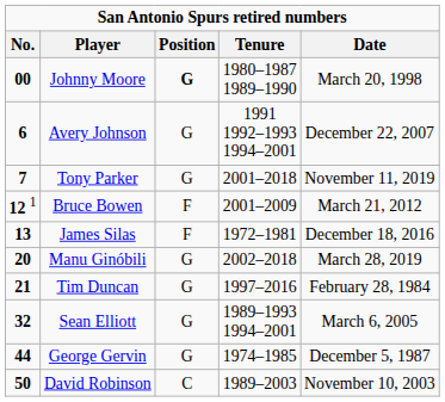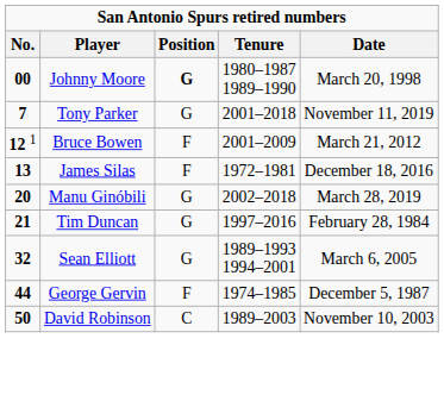 <table class="wikitable sortable" style="text-align:center">
 <tr>
 <td colspan="5"><strong>San Antonio Spurs retired numbers</strong></td>
 </tr>
 <tr>
 <th>No.</th>
 <th>Player</th>
 <th>Position</th>
 <th>Tenure</th>
 <th>Date</th>
 </tr>
 <tr>
 <td><strong>00</strong></td>
 <td><a href='#'>Johnny Moore</a></td>
 <td><strong>G</strong></td>
 <td>1980–1987<br>1989–1990</td>
 <td>March 20, 1998</td>
-</tr>
-<tr>
-<td><strong>6</strong></td>
-<td><a href='#'>Avery Johnson</a></td>
-<td>G</td>
-<td>1991<br>1992–1993<br>1994–2001</td>
-<td>December 22, 2007</td>
 </tr>
 <tr>
 <td><strong>7</strong></td>
 <td><a href='#'>Tony Parker</a></td>
 <td>G</td>
 <td>2001–2018</td>
 <td>November 11, 2019</td>
 </tr>
 <tr>
 <td><strong>12</strong> <sup>1</sup></td>
 <td><a href='#'>Bruce Bowen</a></td>
 <td>F</td>
 <td>2001–2009</td>
 <td>March 21, 2012</td>
 </tr>
 <tr>
 <td><strong>13</strong></td>
 <td><a href='#'>James Silas</a></td>
 <td>F</td>
 <td>1972–1981</td>
 <td>December 18, 2016</td>
 </tr>
 <tr>
 <td><strong>20</strong></td>
 <td><a href='#'>Manu Ginóbili</a></td>
 <td>G</td>
 <td>2002–2018</td>
 <td>March 28, 2019</td>
 </tr>
 <tr>
 <td><strong>21</strong></td>
 <td><a href='#'>Tim Duncan</a></td>
 <td>G</td>
 <td>1997–2016</td>
 <td>February 28, 1984</td>
 </tr>
 <tr>
 <td><strong>32</strong></td>
 <td><a href='#'>Sean Elliott</a></td>
 <td>G</td>
 <td>1989–1993<br>1994–2001</td>
 <td>March 6, 2005</td>
 </tr>
 <tr>
 <td><strong>44</strong></td>
 <td><a href='#'>George Gervin</a></td>
-<td>G</td>
+<td>F</td>
 <td>1974–1985</td>
 <td>December 5, 1987</td>
 </tr>
 <tr>
 <td><strong>50</strong></td>
 <td><a href='#'>David Robinson</a></td>
 <td>C</td>
 <td>1989–2003</td>
 <td>November 10, 2003</td>
 </tr>
 </table>
